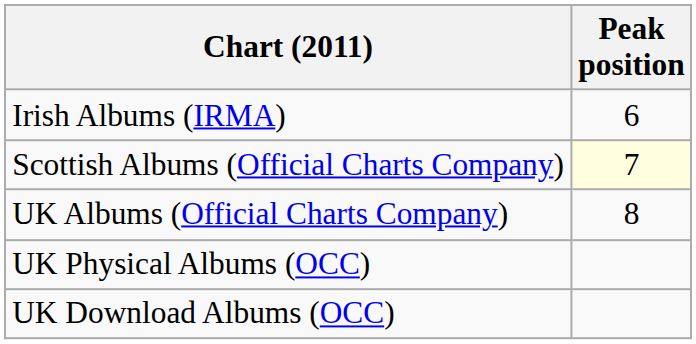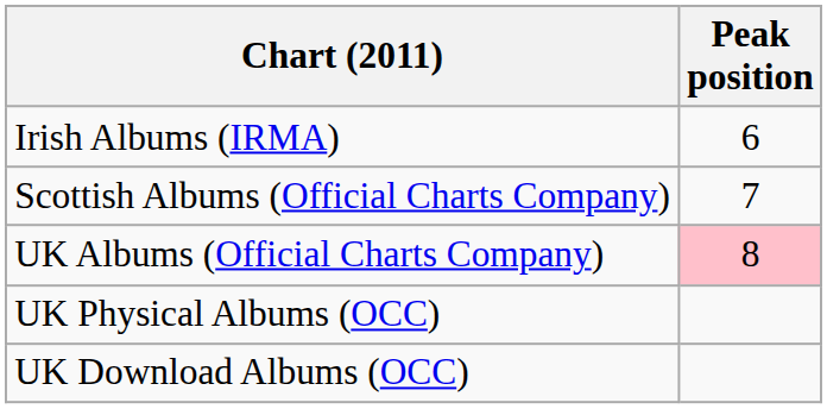 <table class="wikitable sortable">
 <tr>
 <th>Chart (2011)</th>
 <th>Peak<br>position</th>
 </tr>
 <tr>
 <td>Irish Albums (<a href='#'>IRMA</a>)</td>
 <td style="text-align:center;">6</td>
 </tr>
 <tr>
 <td>Scottish Albums (<a href='#'>Official Charts Company</a>)</td>
-<td style="background: lightyellow; text-align:center;">7</td>
+<td style="text-align:center;">7</td>
 </tr>
 <tr>
 <td>UK Albums (<a href='#'>Official Charts Company</a>)</td>
-<td style="text-align:center;">8</td>
+<td style="background: pink; text-align:center;">8</td>
 </tr>
 <tr>
 <td>UK Physical Albums (<a href='#'>OCC</a>)</td>
 <td></td>
 </tr>
 <tr>
 <td>UK Download Albums (<a href='#'>OCC</a>)</td>
 <td></td>
 </tr>
 </table>
